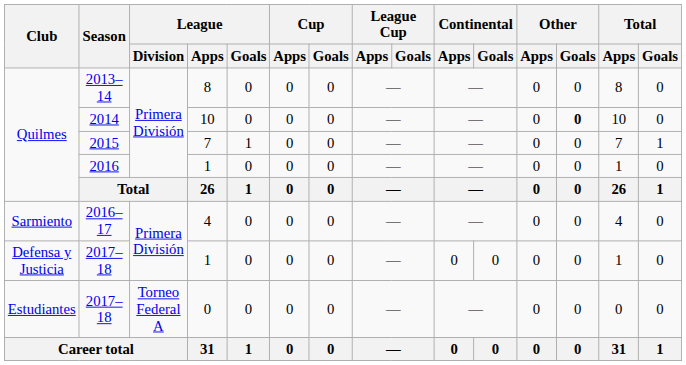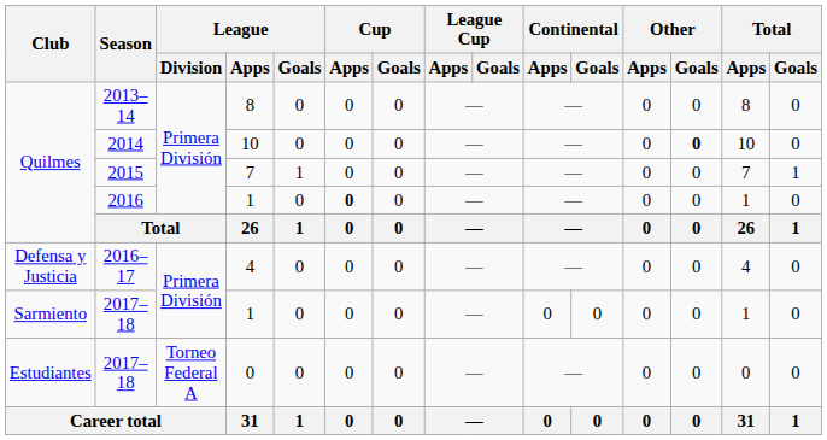 <table class="wikitable" style="text-align:center">
 <tr>
 <th rowspan="2">Club</th>
 <th rowspan="2">Season</th>
 <th colspan="3">League</th>
 <th colspan="2">Cup</th>
 <th colspan="2">League Cup</th>
 <th colspan="2">Continental</th>
 <th colspan="2">Other</th>
 <th colspan="2">Total</th>
 </tr>
 <tr>
 <th>Division</th>
 <th>Apps</th>
 <th>Goals</th>
 <th>Apps</th>
 <th>Goals</th>
 <th>Apps</th>
 <th>Goals</th>
 <th>Apps</th>
 <th>Goals</th>
 <th>Apps</th>
 <th>Goals</th>
 <th>Apps</th>
 <th>Goals</th>
 </tr>
 <tr>
 <td rowspan="5"><a href='#'>Quilmes</a></td>
 <td><a href='#'>2013–14</a></td>
 <td rowspan="4"><a href='#'>Primera División</a></td>
 <td>8</td>
 <td>0</td>
 <td>0</td>
 <td>0</td>
 <td colspan="2">—</td>
 <td colspan="2">—</td>
 <td>0</td>
 <td>0</td>
 <td>8</td>
 <td>0</td>
 </tr>
 <tr>
 <td><a href='#'>2014</a></td>
 <td>10</td>
 <td>0</td>
 <td>0</td>
 <td>0</td>
 <td colspan="2">—</td>
 <td colspan="2">—</td>
 <td>0</td>
 <td><strong>0</strong></td>
 <td>10</td>
 <td>0</td>
 </tr>
 <tr>
 <td><a href='#'>2015</a></td>
 <td>7</td>
 <td>1</td>
 <td>0</td>
 <td>0</td>
 <td colspan="2">—</td>
 <td colspan="2">—</td>
 <td>0</td>
 <td>0</td>
 <td>7</td>
 <td>1</td>
 </tr>
 <tr>
 <td><a href='#'>2016</a></td>
 <td>1</td>
 <td>0</td>
-<td>0</td>
+<td><strong>0</strong></td>
 <td>0</td>
 <td colspan="2">—</td>
 <td colspan="2">—</td>
 <td>0</td>
 <td>0</td>
 <td>1</td>
 <td>0</td>
 </tr>
 <tr>
 <th colspan="2">Total</th>
 <th>26</th>
 <th>1</th>
 <th>0</th>
 <th>0</th>
 <th colspan="2">—</th>
 <th colspan="2">—</th>
 <th>0</th>
 <th>0</th>
 <th>26</th>
 <th>1</th>
 </tr>
 <tr>
-<td rowspan="1"><a href='#'>Sarmiento</a></td>
+<td rowspan="1"><a href='#'>Defensa y Justicia</a></td>
 <td><a href='#'>2016–17</a></td>
 <td rowspan="2"><a href='#'>Primera División</a></td>
 <td>4</td>
 <td>0</td>
 <td>0</td>
 <td>0</td>
 <td colspan="2">—</td>
 <td colspan="2">—</td>
 <td>0</td>
 <td>0</td>
 <td>4</td>
 <td>0</td>
 </tr>
 <tr>
-<td rowspan="1"><a href='#'>Defensa y Justicia</a></td>
+<td rowspan="1"><a href='#'>Sarmiento</a></td>
 <td><a href='#'>2017–18</a></td>
 <td>1</td>
 <td>0</td>
 <td>0</td>
 <td>0</td>
 <td colspan="2">—</td>
 <td>0</td>
 <td>0</td>
 <td>0</td>
 <td>0</td>
 <td>1</td>
 <td>0</td>
 </tr>
 <tr>
 <td rowspan="1"><a href='#'>Estudiantes</a></td>
 <td><a href='#'>2017–18</a></td>
 <td rowspan="1"><a href='#'>Torneo Federal A</a></td>
 <td>0</td>
 <td>0</td>
 <td>0</td>
 <td>0</td>
 <td colspan="2">—</td>
 <td colspan="2">—</td>
 <td>0</td>
 <td>0</td>
 <td>0</td>
 <td>0</td>
 </tr>
 <tr>
 <th colspan="3">Career total</th>
 <th>31</th>
 <th>1</th>
 <th>0</th>
 <th>0</th>
 <th colspan="2">—</th>
 <th>0</th>
 <th>0</th>
 <th>0</th>
 <th>0</th>
 <th>31</th>
 <th>1</th>
 </tr>
 </table>
